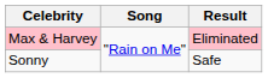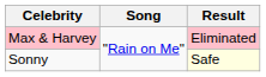 <table class="wikitable sortable collapsed">
 <tr>
 <th>Celebrity</th>
 <th>Song</th>
 <th>Result</th>
 </tr>
 <tr>
 <td style="background:pink;">Max & Harvey</td>
 <td rowspan=2>"<a href='#'>Rain on Me</a>"</td>
 <td style="background:pink;">Eliminated</td>
 </tr>
 <tr>
 <td>Sonny</td>
-<td>Safe</td>
+<td style="background: lightyellow;">Safe</td>
 </tr>
 </table>
